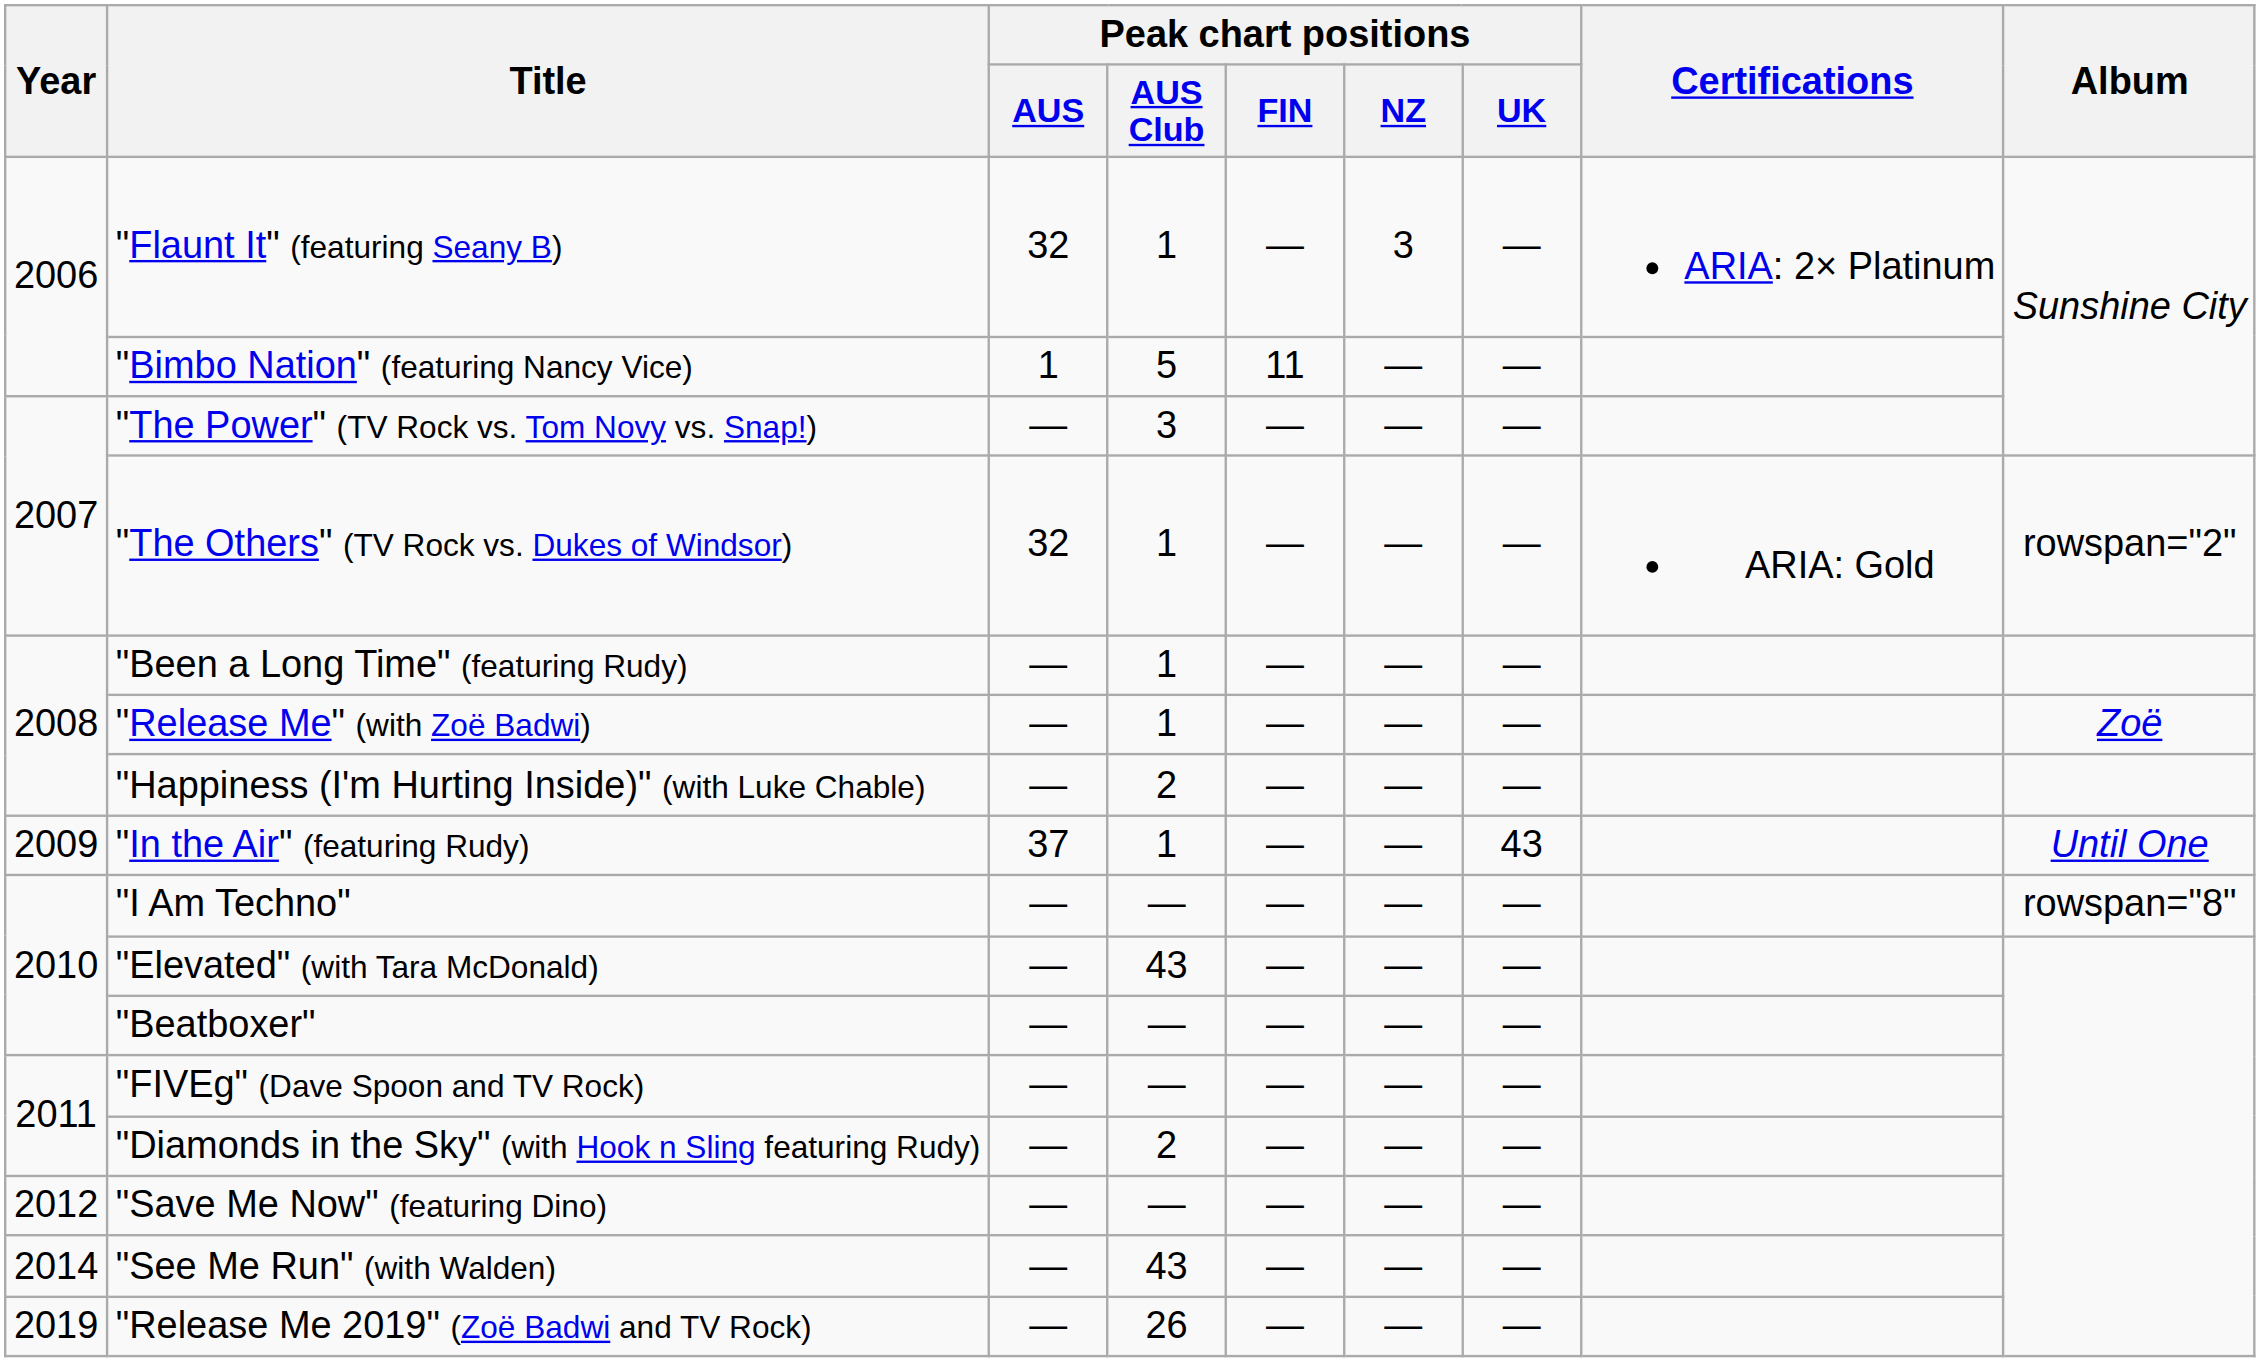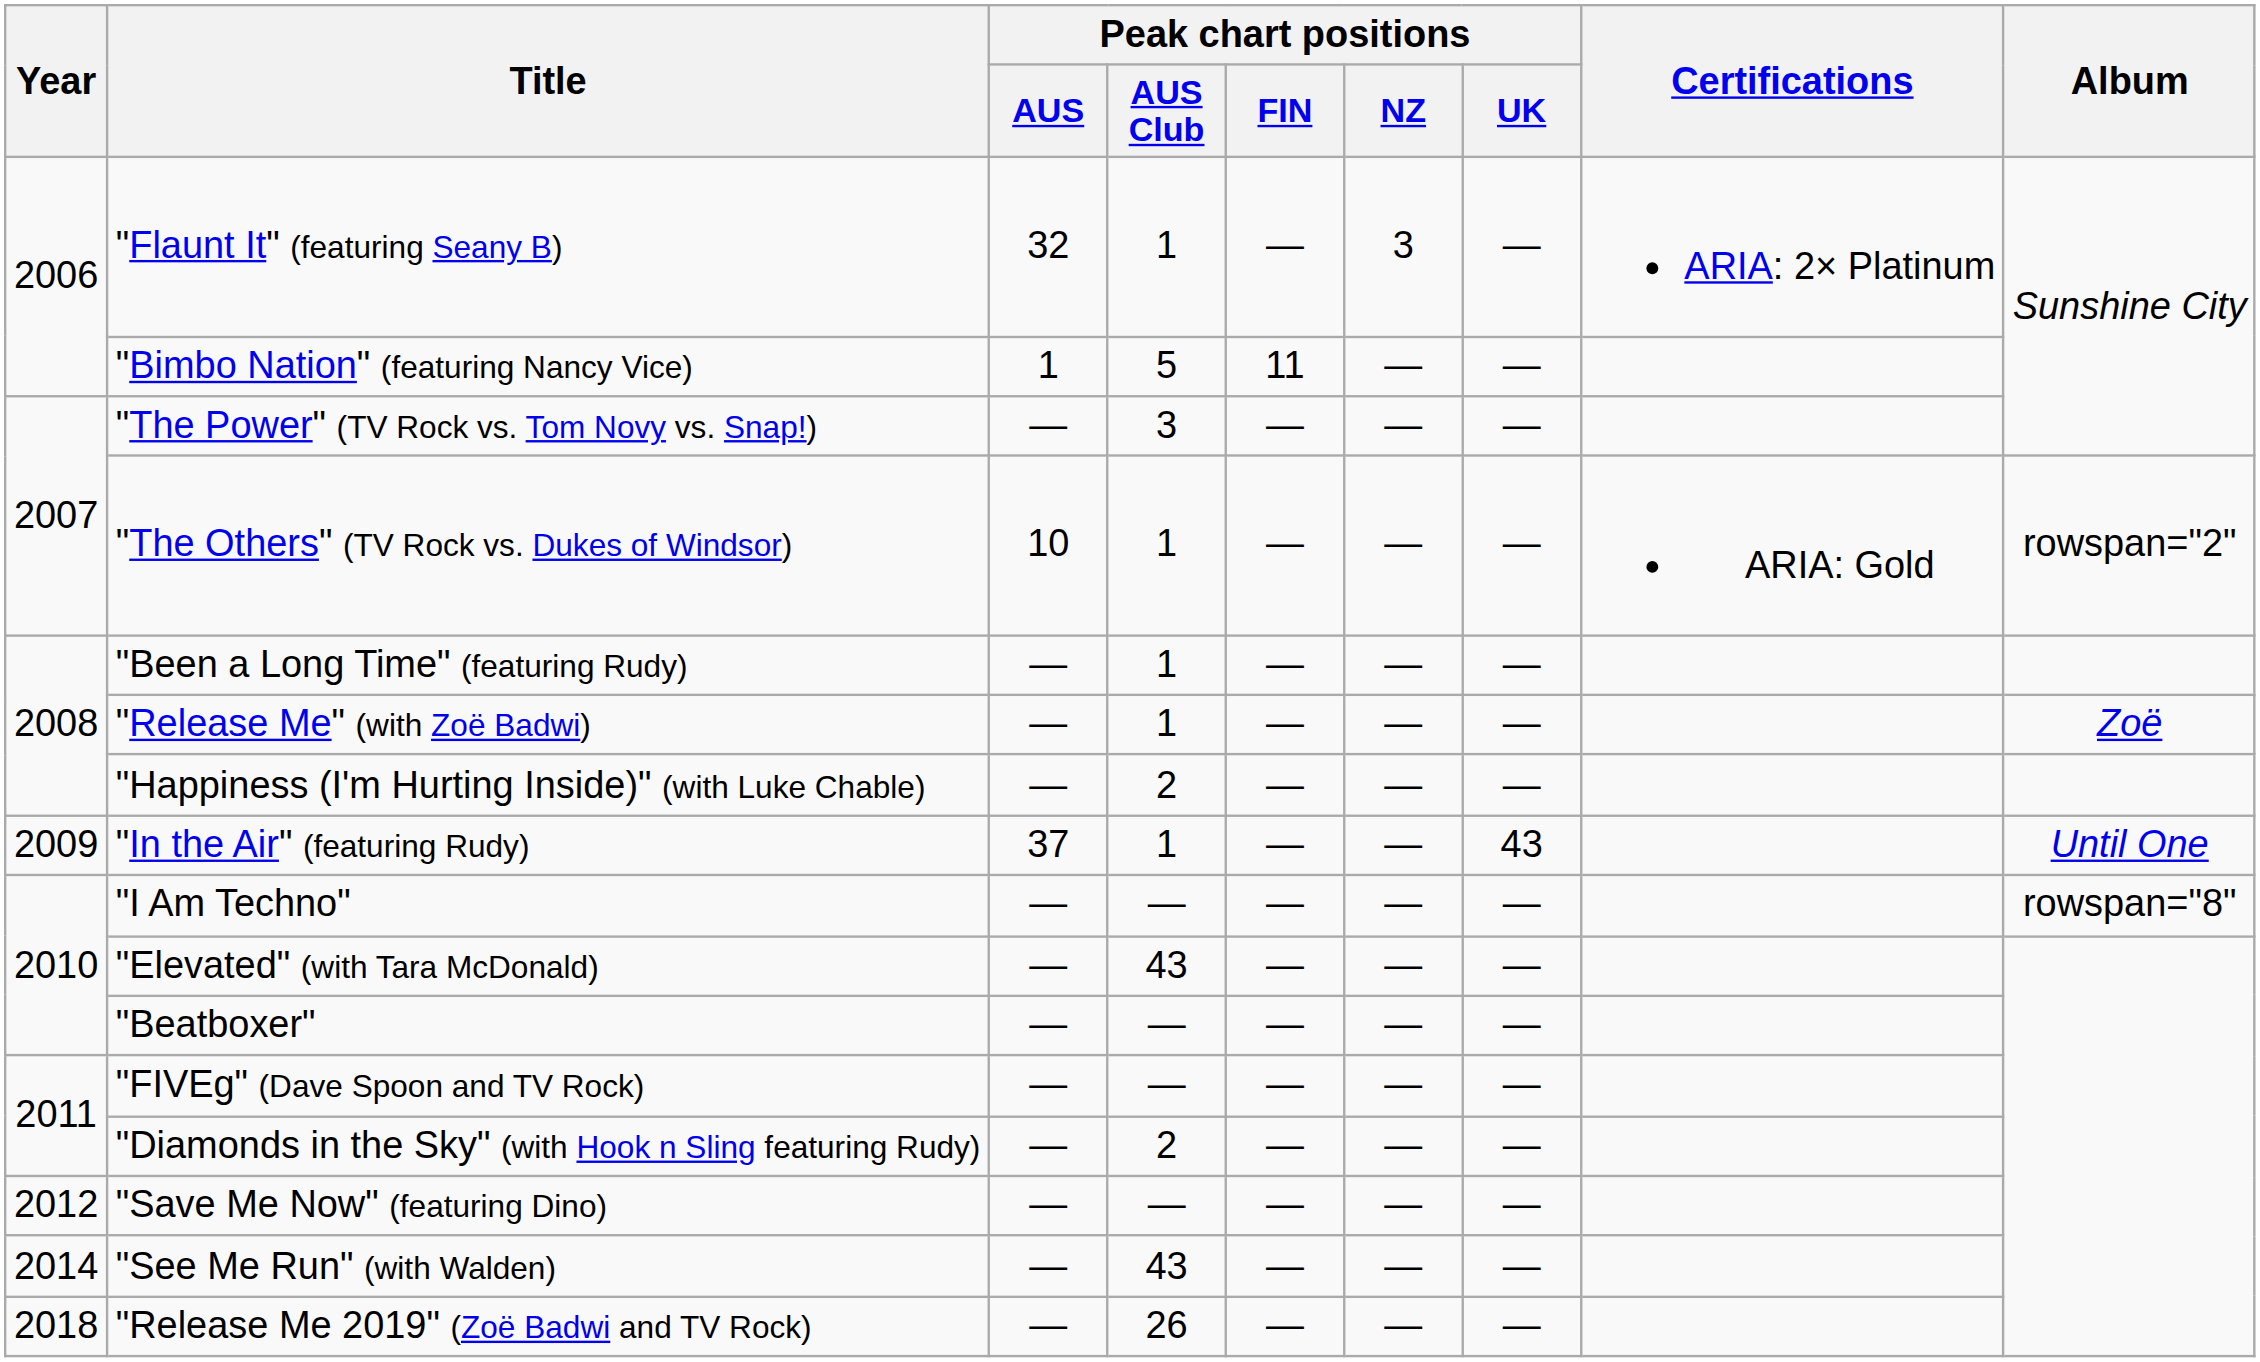 <table class="wikitable plainrowheaders" style="text-align:center">
 <tr>
 <th rowspan="2">Year</th>
 <th rowspan="2">Title</th>
 <th colspan="5">Peak chart positions</th>
 <th rowspan="2"><a href='#'>Certifications</a></th>
 <th rowspan="2">Album</th>
 </tr>
 <tr>
 <th style="width:3em;font-size:90%"><a href='#'>AUS</a><br></th>
 <th style="width:3em;font-size:90%;"><a href='#'>AUS<br>Club</a><br></th>
 <th style="width:3em;font-size:90%"><a href='#'>FIN</a><br></th>
 <th style="width:3em;font-size:90%"><a href='#'>NZ</a><br></th>
 <th style="width:3em;font-size:90%"><a href='#'>UK</a><br></th>
 </tr>
 <tr>
 <td rowspan="2">2006</td>
 <td align="left">"<a href='#'>Flaunt It</a>" <small>(featuring <a href='#'>Seany B</a>)</small></td>
 <td>32</td>
 <td>1</td>
 <td>—</td>
 <td>3</td>
 <td>—</td>
 <td><br><ul><li><a href='#'>ARIA</a>: 2× Platinum</li></ul></td>
 <td rowspan="3"><em>Sunshine City</em></td>
 </tr>
 <tr>
 <td align="left">"<a href='#'>Bimbo Nation</a>" <small>(featuring Nancy Vice)</small></td>
 <td>1</td>
 <td>5</td>
 <td>11</td>
 <td>—</td>
 <td>—</td>
 <td></td>
 </tr>
 <tr>
 <td rowspan="2">2007</td>
 <td align="left">"<a href='#'>The Power</a>" <small>(TV Rock vs. <a href='#'>Tom Novy</a> vs. <a href='#'>Snap!</a>)</small></td>
 <td>—</td>
 <td>3</td>
 <td>—</td>
 <td>—</td>
 <td>—</td>
 <td></td>
 </tr>
 <tr>
 <td align="left">"<a href='#'>The Others</a>" <small>(TV Rock vs. <a href='#'>Dukes of Windsor</a>)</small></td>
-<td>32</td>
+<td>10</td>
 <td>1</td>
 <td>—</td>
 <td>—</td>
 <td>—</td>
 <td><br><ul><li>ARIA: Gold</li></ul></td>
 <td>rowspan="2" </td>
 </tr>
 <tr>
 <td rowspan="3">2008</td>
 <td align="left">"Been a Long Time" <small>(featuring Rudy)</small></td>
 <td>—</td>
 <td>1</td>
 <td>—</td>
 <td>—</td>
 <td>—</td>
 <td></td>
 </tr>
 <tr>
 <td align="left">"<a href='#'>Release Me</a>" <small>(with <a href='#'>Zoë Badwi</a>)</small></td>
 <td>—</td>
 <td>1</td>
 <td>—</td>
 <td>—</td>
 <td>—</td>
 <td></td>
 <td><em><a href='#'>Zoë</a></em></td>
 </tr>
 <tr>
 <td align="left">"Happiness (I'm Hurting Inside)" <small>(with Luke Chable)</small></td>
 <td>—</td>
 <td>2</td>
 <td>—</td>
 <td>—</td>
 <td>—</td>
 <td></td>
 <td></td>
 </tr>
 <tr>
 <td>2009</td>
 <td align="left">"<a href='#'>In the Air</a>" <small>(featuring Rudy)</small></td>
 <td>37</td>
 <td>1</td>
 <td>—</td>
 <td>—</td>
 <td>43</td>
 <td></td>
 <td><em><a href='#'>Until One</a></em></td>
 </tr>
 <tr>
 <td rowspan="3">2010</td>
 <td align="left">"I Am Techno"</td>
 <td>—</td>
 <td>—</td>
 <td>—</td>
 <td>—</td>
 <td>—</td>
 <td></td>
 <td>rowspan="8" </td>
 </tr>
 <tr>
 <td align="left">"Elevated" <small>(with Tara McDonald)</small></td>
 <td>—</td>
 <td>43</td>
 <td>—</td>
 <td>—</td>
 <td>—</td>
 <td></td>
 </tr>
 <tr>
 <td align="left">"Beatboxer"</td>
 <td>—</td>
 <td>—</td>
 <td>—</td>
 <td>—</td>
 <td>—</td>
 <td></td>
 </tr>
 <tr>
 <td rowspan="2">2011</td>
 <td align="left">"FIVEg" <small>(Dave Spoon and TV Rock)</small></td>
 <td>—</td>
 <td>—</td>
 <td>—</td>
 <td>—</td>
 <td>—</td>
 <td></td>
 </tr>
 <tr>
 <td align="left">"Diamonds in the Sky" <small>(with <a href='#'>Hook n Sling</a> featuring Rudy)</small></td>
 <td>—</td>
 <td>2</td>
 <td>—</td>
 <td>—</td>
 <td>—</td>
 <td></td>
 </tr>
 <tr>
 <td>2012</td>
 <td align="left">"Save Me Now" <small>(featuring Dino)</small></td>
 <td>—</td>
 <td>—</td>
 <td>—</td>
 <td>—</td>
 <td>—</td>
 <td></td>
 </tr>
 <tr>
 <td>2014</td>
 <td align="left">"See Me Run" <small>(with Walden)</small></td>
 <td>—</td>
 <td>43</td>
 <td>—</td>
 <td>—</td>
 <td>—</td>
 <td></td>
 </tr>
 <tr>
-<td>2019</td>
+<td>2018</td>
 <td align="left">"Release Me 2019" <small>(<a href='#'>Zoë Badwi</a> and TV Rock)</small></td>
 <td>—</td>
 <td>26</td>
 <td>—</td>
 <td>—</td>
 <td>—</td>
 <td></td>
 </tr>
 </table>
